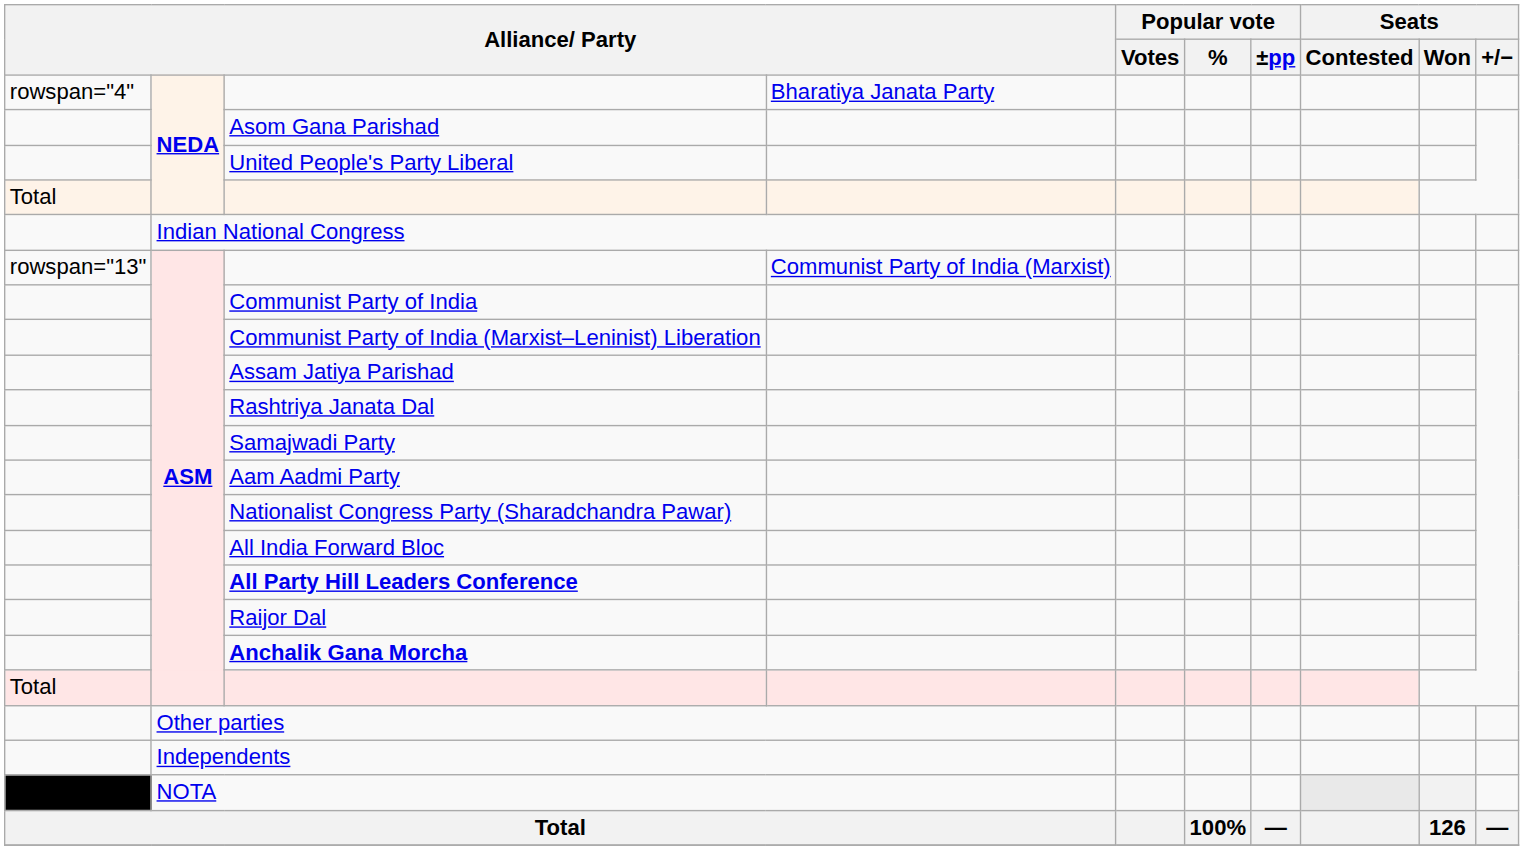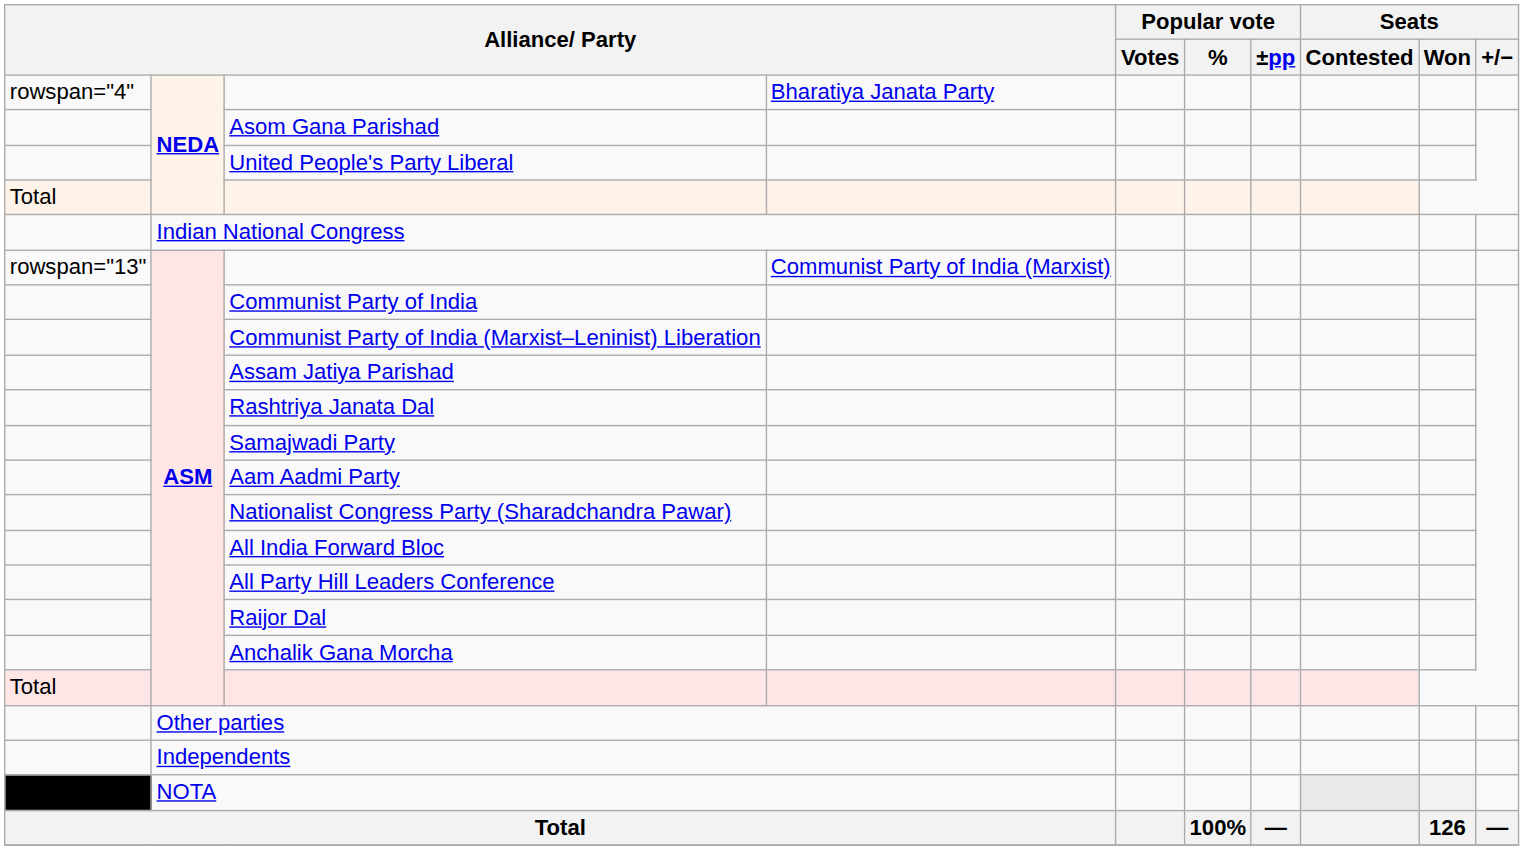 <table class="wikitable sortable">
 <tr>
 <th colspan="4" rowspan="2">Alliance/ Party</th>
 <th colspan="3">Popular vote</th>
 <th colspan="3">Seats</th>
 </tr>
 <tr>
 <th>Votes</th>
 <th>%</th>
 <th>±<a href='#'>pp</a></th>
 <th>Contested</th>
 <th>Won</th>
 <th><strong>+/−</strong></th>
 </tr>
 <tr>
 <td>rowspan="4" </td>
 <th rowspan="4" style="background:#fef3e8"><a href='#'>NEDA</a></th>
 <td></td>
 <td><a href='#'>Bharatiya Janata Party</a></td>
 <td></td>
 <td></td>
 <td></td>
 <td></td>
 <td></td>
 <td></td>
 </tr>
 <tr>
 <td></td>
 <td><a href='#'>Asom Gana Parishad</a></td>
 <td></td>
 <td></td>
 <td></td>
 <td></td>
 <td></td>
 <td></td>
 </tr>
 <tr>
 <td></td>
 <td><a href='#'>United People's Party Liberal</a></td>
 <td></td>
 <td></td>
 <td></td>
 <td></td>
 <td></td>
 <td></td>
 </tr>
 <tr>
 <td colspan="2"style="background:#fef3e8">Total</td>
 <td style="color:inherit;background:#fef3e8"></td>
 <td style="color:inherit;background:#fef3e8"></td>
 <td style="color:inherit;background:#fef3e8"></td>
 <td style="color:inherit;background:#fef3e8"></td>
 <td style="color:inherit;background:#fef3e8"></td>
 <td style="color:inherit;background:#fef3e8"></td>
 </tr>
 <tr>
 <td></td>
 <td colspan="3"><a href='#'>Indian National Congress</a></td>
 <td></td>
 <td></td>
 <td></td>
 <td></td>
 <td></td>
 <td></td>
 </tr>
 <tr>
 <td>rowspan="13" </td>
 <th rowspan="13" style="background:#FFE6E6"><a href='#'>ASM</a></th>
 <td></td>
 <td><a href='#'>Communist Party of India (Marxist)</a></td>
 <td></td>
 <td></td>
 <td></td>
 <td></td>
 <td></td>
 <td></td>
 </tr>
 <tr>
 <td></td>
 <td><a href='#'>Communist Party of India</a></td>
 <td></td>
 <td></td>
 <td></td>
 <td></td>
 <td></td>
 <td></td>
 </tr>
 <tr>
 <td></td>
 <td><a href='#'>Communist Party of India (Marxist–Leninist) Liberation</a></td>
 <td></td>
 <td></td>
 <td></td>
 <td></td>
 <td></td>
 <td></td>
 </tr>
 <tr>
 <td></td>
 <td><a href='#'>Assam Jatiya Parishad</a></td>
 <td></td>
 <td></td>
 <td></td>
 <td></td>
 <td></td>
 <td></td>
 </tr>
 <tr>
 <td></td>
 <td><a href='#'>Rashtriya Janata Dal</a></td>
 <td></td>
 <td></td>
 <td></td>
 <td></td>
 <td></td>
 <td></td>
 </tr>
 <tr>
 <td></td>
 <td><a href='#'>Samajwadi Party</a></td>
 <td></td>
 <td></td>
 <td></td>
 <td></td>
 <td></td>
 <td></td>
 </tr>
 <tr>
 <td></td>
 <td><a href='#'>Aam Aadmi Party</a></td>
 <td></td>
 <td></td>
 <td></td>
 <td></td>
 <td></td>
 <td></td>
 </tr>
 <tr>
 <td></td>
 <td><a href='#'>Nationalist Congress Party (Sharadchandra Pawar)</a></td>
 <td></td>
 <td></td>
 <td></td>
 <td></td>
 <td></td>
 <td></td>
 </tr>
 <tr>
 <td></td>
 <td><a href='#'>All India Forward Bloc</a></td>
 <td></td>
 <td></td>
 <td></td>
 <td></td>
 <td></td>
 <td></td>
 </tr>
 <tr>
 <td></td>
-<td><strong><a href='#'>All Party Hill Leaders Conference</a></strong></td>
+<td><a href='#'>All Party Hill Leaders Conference</a></td>
 <td></td>
 <td></td>
 <td></td>
 <td></td>
 <td></td>
 <td></td>
 </tr>
 <tr>
 <td></td>
 <td><a href='#'>Raijor Dal</a></td>
 <td></td>
 <td></td>
 <td></td>
 <td></td>
 <td></td>
 <td></td>
 </tr>
 <tr>
 <td></td>
-<td><strong><a href='#'>Anchalik Gana Morcha</a></strong></td>
+<td><a href='#'>Anchalik Gana Morcha</a></td>
 <td></td>
 <td></td>
 <td></td>
 <td></td>
 <td></td>
 <td></td>
 </tr>
 <tr>
 <td colspan="2"style="background:#FFE6E6">Total</td>
 <td style="color:inherit;background:#FFE6E6"></td>
 <td style="color:inherit;background:#FFE6E6"></td>
 <td style="color:inherit;background:#FFE6E6"></td>
 <td style="color:inherit;background:#FFE6E6"></td>
 <td style="color:inherit;background:#FFE6E6"></td>
 <td style="color:inherit;background:#FFE6E6"></td>
 </tr>
 <tr>
 <td></td>
 <td colspan="3"><a href='#'>Other parties</a></td>
 <td></td>
 <td></td>
 <td></td>
 <td></td>
 <td></td>
 <td></td>
 </tr>
 <tr>
 <td></td>
 <td colspan="3"><a href='#'>Independents</a></td>
 <td></td>
 <td></td>
 <td></td>
 <td></td>
 <td></td>
 <td></td>
 </tr>
 <tr>
 <td style="background:Black; color:White"></td>
 <td colspan="3"><a href='#'>NOTA</a></td>
 <td></td>
 <td></td>
 <td></td>
 <th style="background-color:#E9E9E9"></th>
 <th></th>
 <td></td>
 </tr>
 <tr>
 <th colspan="4">Total</th>
 <th></th>
 <th>100%</th>
 <th>—</th>
 <th></th>
 <th>126</th>
 <th>—</th>
 </tr>
 <tr>
 </tr>
 </table>
